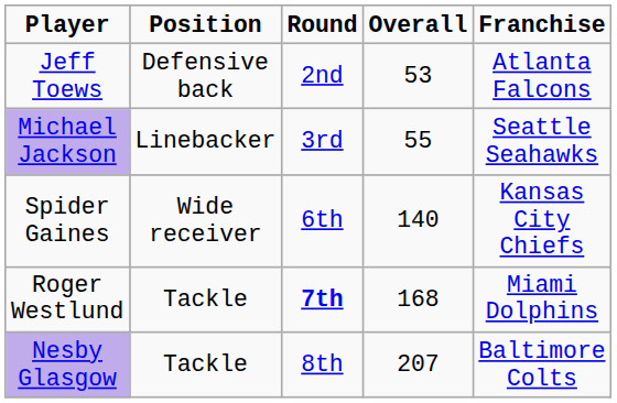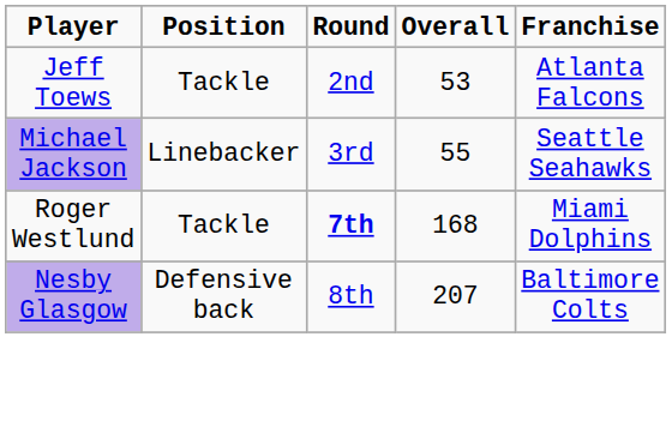 <table class="wikitable" width="50%">
 <tr align="center">
 <td><strong>Player</strong></td>
 <td><strong>Position</strong></td>
 <td><strong>Round</strong></td>
 <td><strong>Overall</strong></td>
 <td><strong>Franchise</strong></td>
 </tr>
 <tr align="center" bgcolor="">
 <td><a href='#'>Jeff Toews</a></td>
-<td>Defensive back</td>
+<td>Tackle</td>
 <td><a href='#'>2nd</a></td>
 <td>53</td>
 <td><a href='#'>Atlanta Falcons</a></td>
 </tr>
 <tr align="center" bgcolor="">
 <td bgcolor="C0ACEA"><a href='#'>Michael Jackson</a></td>
 <td>Linebacker</td>
 <td><a href='#'>3rd</a></td>
 <td>55</td>
 <td><a href='#'>Seattle Seahawks</a></td>
 </tr>
 <tr align="center" bgcolor="">
-<td>Spider Gaines</td>
-<td>Wide receiver</td>
-<td><a href='#'>6th</a></td>
-<td>140</td>
-<td><a href='#'>Kansas City Chiefs</a></td>
-</tr>
-<tr align="center" bgcolor="">
 <td>Roger Westlund</td>
 <td>Tackle</td>
 <td><strong><a href='#'>7th</a></strong></td>
 <td>168</td>
 <td><a href='#'>Miami Dolphins</a></td>
 </tr>
 <tr align="center" bgcolor="">
 <td bgcolor="C0ACEA"><a href='#'>Nesby Glasgow</a></td>
-<td>Tackle</td>
+<td>Defensive back</td>
 <td><a href='#'>8th</a></td>
 <td>207</td>
 <td><a href='#'>Baltimore Colts</a><br></td>
 </tr>
 </table>
